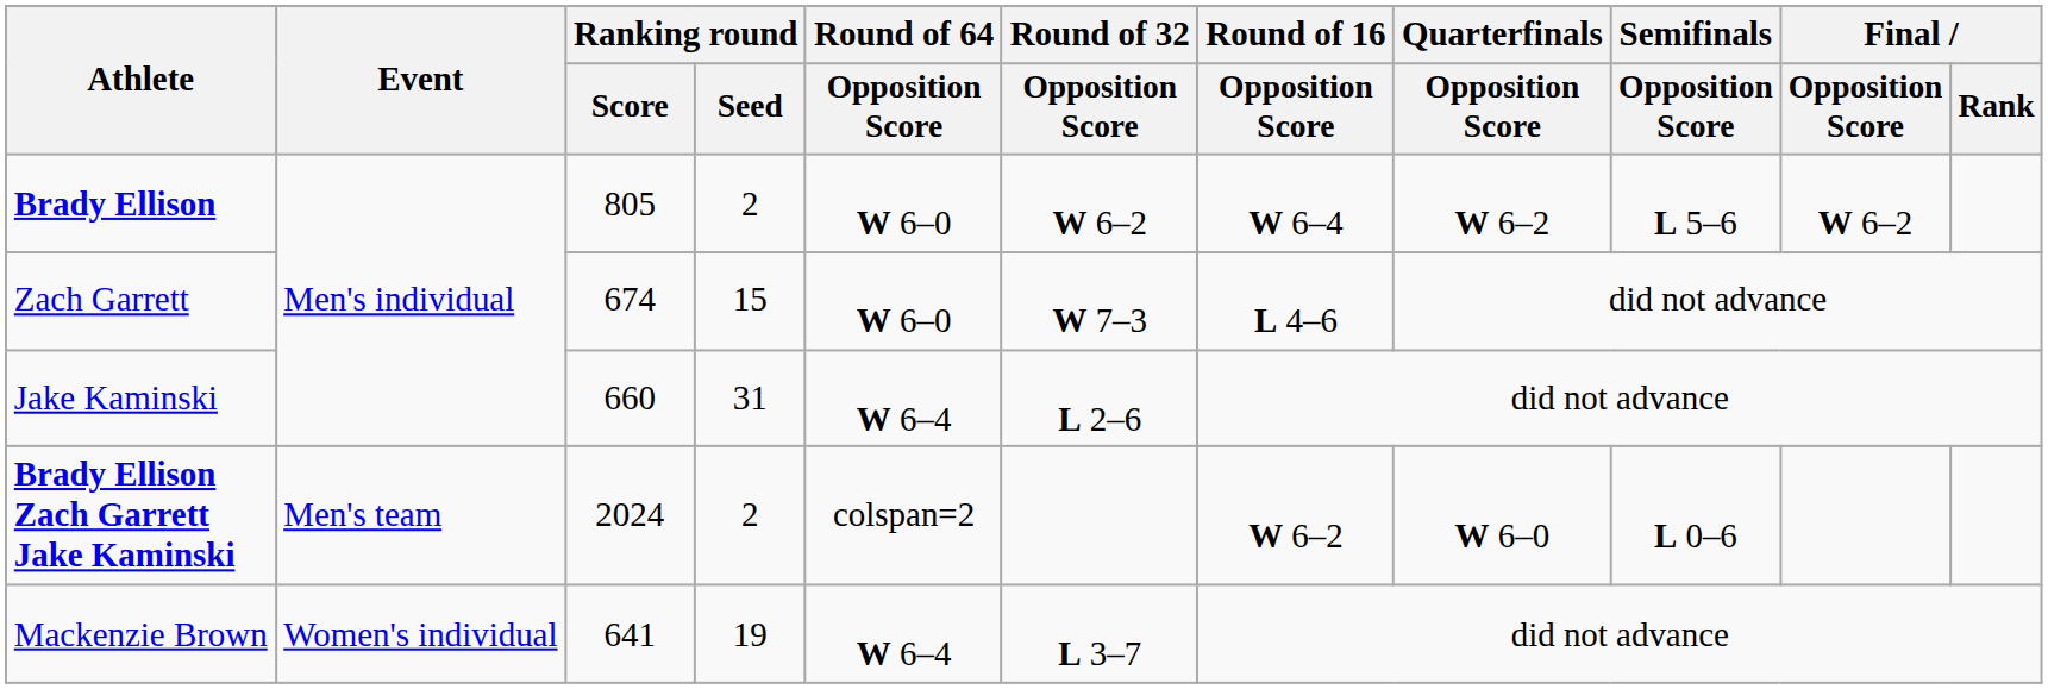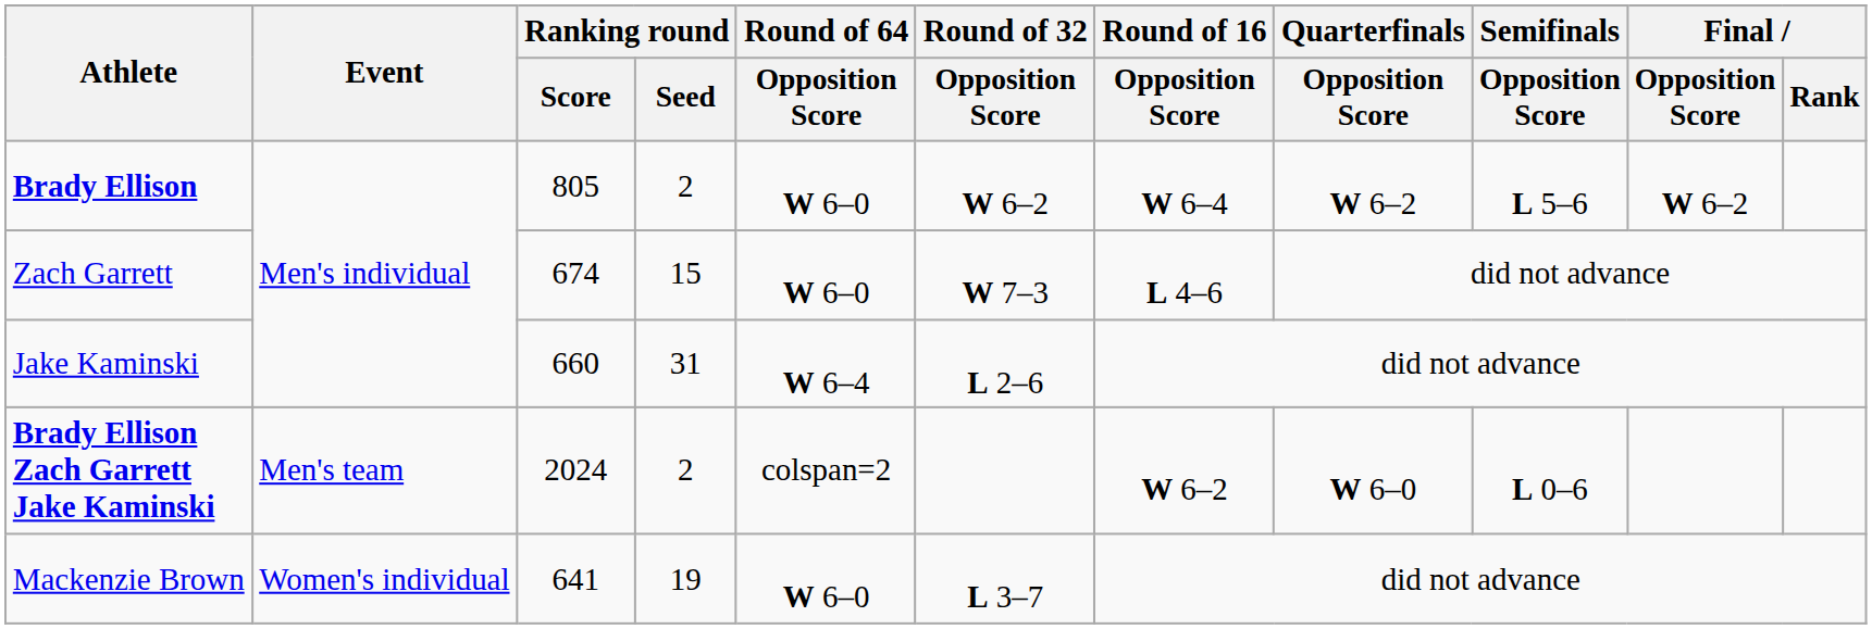 <table class=wikitable style=font-size:90%;text-align:center>
 <tr>
 <th rowspan=2>Athlete</th>
 <th rowspan=2>Event</th>
 <th colspan=2>Ranking round</th>
 <th>Round of 64</th>
 <th>Round of 32</th>
 <th>Round of 16</th>
 <th>Quarterfinals</th>
 <th>Semifinals</th>
 <th colspan=2>Final / </th>
 </tr>
 <tr style=font-size:95%>
 <th>Score</th>
 <th>Seed</th>
 <th>Opposition<br>Score</th>
 <th>Opposition<br>Score</th>
 <th>Opposition<br>Score</th>
 <th>Opposition<br>Score</th>
 <th>Opposition<br>Score</th>
 <th>Opposition<br>Score</th>
 <th>Rank</th>
 </tr>
 <tr>
 <td align=left><strong><a href='#'>Brady Ellison</a></strong></td>
 <td align=left rowspan=3><a href='#'>Men's individual</a></td>
 <td>805</td>
 <td>2</td>
 <td><br><strong>W</strong> 6–0</td>
 <td><br><strong>W</strong> 6–2</td>
 <td><br><strong>W</strong> 6–4</td>
 <td><br><strong>W</strong> 6–2</td>
 <td><br><strong>L</strong> 5–6</td>
 <td><br><strong>W</strong> 6–2</td>
 <td></td>
 </tr>
 <tr>
 <td align=left><a href='#'>Zach Garrett</a></td>
 <td>674</td>
 <td>15</td>
 <td><br><strong>W</strong> 6–0</td>
 <td><br><strong>W</strong> 7–3</td>
 <td><br><strong>L</strong> 4–6</td>
 <td colspan=4>did not advance</td>
 </tr>
 <tr>
 <td align=left><a href='#'>Jake Kaminski</a></td>
 <td>660</td>
 <td>31</td>
 <td><br><strong>W</strong> 6–4</td>
 <td><br><strong>L</strong> 2–6</td>
 <td colspan=5>did not advance</td>
 </tr>
 <tr>
 <td align=left><strong><a href='#'>Brady Ellison</a><br><a href='#'>Zach Garrett</a><br><a href='#'>Jake Kaminski</a></strong></td>
 <td align=left><a href='#'>Men's team</a></td>
 <td>2024</td>
 <td>2</td>
 <td>colspan=2 </td>
 <td></td>
 <td><br><strong>W</strong> 6–2</td>
 <td><br><strong>W</strong> 6–0</td>
 <td><br><strong>L</strong> 0–6</td>
 <td></td>
 </tr>
 <tr>
 <td align=left><a href='#'>Mackenzie Brown</a></td>
 <td align=left><a href='#'>Women's individual</a></td>
 <td>641</td>
 <td>19</td>
-<td><br><strong>W</strong> 6–4</td>
+<td><br><strong>W</strong> 6–0</td>
 <td><br><strong>L</strong> 3–7</td>
 <td colspan=5>did not advance</td>
 </tr>
 </table>
